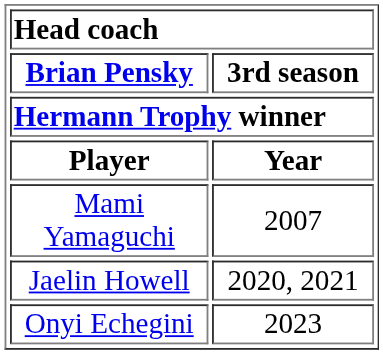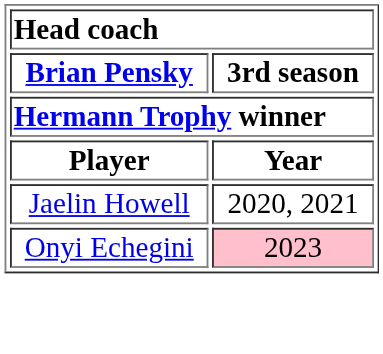 <table style="float: right;" border="1">
 <tr>
 <td colspan="2"><strong>Head coach</strong></td>
 </tr>
 <tr align=center>
 <td><strong><a href='#'>Brian Pensky</a></strong></td>
 <td><strong>3rd season</strong></td>
 </tr>
 <tr>
 <td colspan="2"><strong><a href='#'>Hermann Trophy</a> winner</strong></td>
 </tr>
 <tr>
 <th style="width:105px; ">Player</th>
 <th style="width:85px; ">Year</th>
 </tr>
 <tr align=center>
-<td><a href='#'>Mami Yamaguchi</a></td>
-<td>2007</td>
-</tr>
-<tr align=center>
 <td><a href='#'>Jaelin Howell</a></td>
 <td>2020, 2021</td>
 </tr>
 <tr align=center>
 <td><a href='#'>Onyi Echegini</a></td>
-<td>2023</td>
+<td style="background: pink;">2023</td>
 </tr>
 </table>
